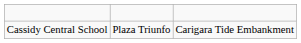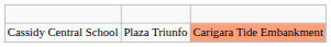 <table class="wikitable">
 <tr>
 <td></td>
 <td></td>
 <td>  </td>
 </tr>
 <tr>
 <td>Cassidy Central School</td>
 <td>Plaza Triunfo</td>
-<td>Carigara Tide Embankment</td>
+<td style="background: lightsalmon;">Carigara Tide Embankment</td>
 </tr>
 </table>
